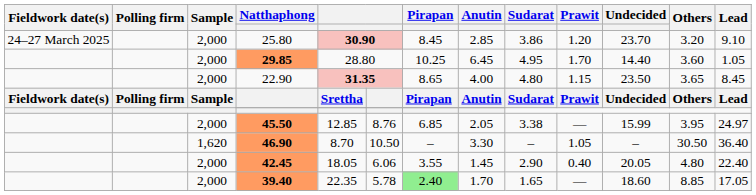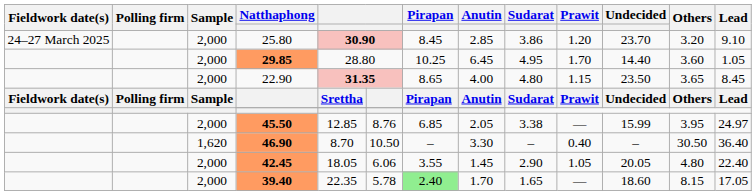 <table class="wikitable" style="text-align:center;font-size:90%;line-height:14px">
 <tr>
 <th rowspan="2">Fieldwork date(s)</th>
 <th rowspan="2">Polling firm</th>
 <th rowspan="2">Sample</th>
 <th><a href='#'>Natthaphong</a></th>
 <th colspan="2"></th>
 <th><a href='#'>Pirapan</a></th>
 <th><a href='#'>Anutin</a></th>
 <th><a href='#'>Sudarat</a></th>
 <th><a href='#'>Prawit</a></th>
 <th>Undecided</th>
 <th rowspan="2">Others</th>
 <th rowspan="2">Lead</th>
 </tr>
 <tr>
 <th class="unsortable" style="color:inherit;background:"></th>
 <th colspan="2" class="unsortable" style="color:inherit;background:"></th>
 <th class="unsortable" style="color:inherit;background:"></th>
 <th class="unsortable" style="color:inherit;background:"></th>
 <th class="unsortable" style="color:inherit;background:"></th>
 <th class="unsortable" style="color:inherit;background:"></th>
 <th class="unsortable" style="color:inherit;background:"></th>
 </tr>
 <tr>
 <td>24–27 March 2025</td>
 <td></td>
 <td>2,000</td>
 <td>25.80</td>
 <td colspan="2" style="background:#F8C1BE"><strong>30.90</strong></td>
 <td>8.45</td>
 <td>2.85</td>
 <td>3.86</td>
 <td>1.20</td>
 <td>23.70</td>
 <td>3.20</td>
 <td style="background:">9.10</td>
 </tr>
 <tr>
 <td></td>
 <td></td>
 <td>2,000</td>
 <td style="background:#ff9b61"><strong>29.85</strong></td>
 <td colspan="2">28.80</td>
 <td>10.25</td>
 <td>6.45</td>
 <td>4.95</td>
 <td>1.70</td>
 <td>14.40</td>
 <td>3.60</td>
 <td style="background:">1.05</td>
 </tr>
 <tr>
 <td></td>
 <td></td>
 <td>2,000</td>
 <td>22.90</td>
 <td colspan="2" style="background:#F8C1BE"><strong>31.35</strong></td>
 <td>8.65</td>
 <td>4.00</td>
 <td>4.80</td>
 <td>1.15</td>
 <td>23.50</td>
 <td>3.65</td>
 <td style="background:">8.45</td>
 </tr>
 <tr>
 <th rowspan="2">Fieldwork date(s)</th>
 <th rowspan="2">Polling firm</th>
 <th rowspan="2">Sample</th>
 <th></th>
 <th><a href='#'>Srettha</a></th>
 <th></th>
 <th><a href='#'>Pirapan</a> </th>
 <th><a href='#'>Anutin</a></th>
 <th><a href='#'>Sudarat</a></th>
 <th><a href='#'>Prawit</a></th>
 <th>Undecided</th>
 <th rowspan="2">Others</th>
 <th rowspan="2">Lead</th>
 </tr>
 <tr>
 </tr>
 <tr>
 <th class="unsortable" style="color:inherit;background:"></th>
 <th colspan="2" class="unsortable" style="color:inherit;background:"></th>
 <th class="unsortable" style="color:inherit;background:"></th>
 <th class="unsortable" style="color:inherit;background:"></th>
 <th class="unsortable" style="color:inherit;background:"></th>
 <th class="unsortable" style="color:inherit;background:"></th>
 <th class="unsortable" style="color:inherit;background:"></th>
 </tr>
 <tr>
 <td></td>
 <td></td>
 <td>2,000</td>
 <td style="background:#ff9b61"><strong>45.50</strong></td>
 <td>12.85</td>
 <td>8.76</td>
 <td>6.85</td>
 <td>2.05</td>
 <td>3.38</td>
 <td>—</td>
 <td>15.99</td>
 <td>3.95</td>
 <td style="background:">24.97</td>
 </tr>
 <tr>
 <td></td>
 <td></td>
 <td>1,620</td>
 <td style="background:#ff9b61"><strong>46.90</strong></td>
 <td>8.70</td>
 <td>10.50</td>
 <td>–</td>
 <td>3.30</td>
 <td>–</td>
-<td>1.05</td>
+<td>0.40</td>
 <td>–</td>
 <td>30.50</td>
 <td style="background:">36.40</td>
 </tr>
 <tr>
 <td></td>
 <td></td>
 <td>2,000</td>
 <td style="background:#ff9b61"><strong>42.45</strong></td>
 <td>18.05</td>
 <td>6.06</td>
 <td>3.55</td>
 <td>1.45</td>
 <td>2.90</td>
-<td>0.40</td>
+<td>1.05</td>
 <td>20.05</td>
 <td>4.80</td>
 <td style="background:">22.40</td>
 </tr>
 <tr>
 <td></td>
 <td></td>
 <td>2,000</td>
 <td style="background:#ff9b61"><strong>39.40</strong></td>
 <td>22.35</td>
 <td>5.78</td>
 <td style="background: lightgreen;">2.40</td>
 <td>1.70</td>
 <td>1.65</td>
 <td>—</td>
 <td>18.60</td>
-<td>8.85</td>
+<td>8.15</td>
 <td style="background:">17.05</td>
 </tr>
 </table>
